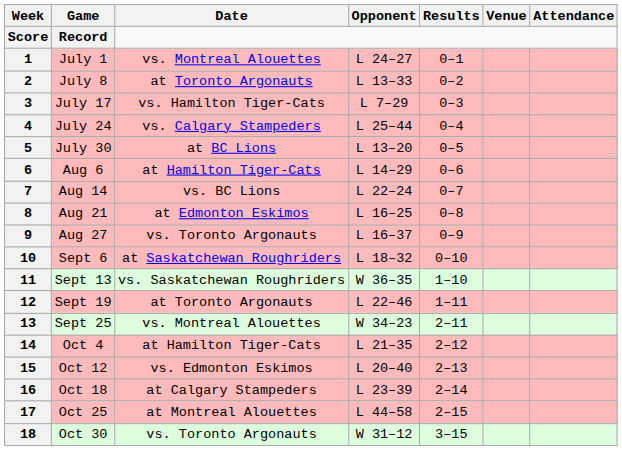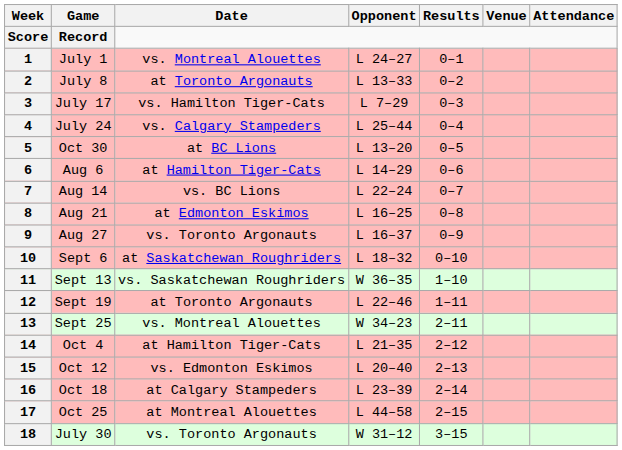 <table class="wikitable" style="text-align:center">
 <tr>
 <th>Week</th>
 <th>Game</th>
 <th>Date</th>
 <th>Opponent</th>
 <th>Results</th>
 <th>Venue</th>
 <th>Attendance</th>
 </tr>
 <tr>
 <th>Score</th>
 <th>Record</th>
 </tr>
 <tr style="background:#ffbbbb">
 <th>1</th>
 <td>July 1</td>
 <td>vs. <a href='#'>Montreal Alouettes</a></td>
 <td>L 24–27</td>
 <td>0–1</td>
 <td></td>
 <td></td>
 </tr>
 <tr style="background:#ffbbbb">
 <th>2</th>
 <td>July 8</td>
 <td>at <a href='#'>Toronto Argonauts</a></td>
 <td>L 13–33</td>
 <td>0–2</td>
 <td></td>
 <td></td>
 </tr>
 <tr style="background:#ffbbbb">
 <th>3</th>
 <td>July 17</td>
 <td>vs. Hamilton Tiger-Cats</td>
 <td>L 7–29</td>
 <td>0–3</td>
 <td></td>
 <td></td>
 </tr>
 <tr style="background:#ffbbbb">
 <th>4</th>
 <td>July 24</td>
 <td>vs. <a href='#'>Calgary Stampeders</a></td>
 <td>L 25–44</td>
 <td>0–4</td>
 <td></td>
 <td></td>
 </tr>
 <tr style="background:#ffbbbb">
 <th>5</th>
-<td>July 30</td>
+<td>Oct 30</td>
 <td>at <a href='#'>BC Lions</a></td>
 <td>L 13–20</td>
 <td>0–5</td>
 <td></td>
 <td></td>
 </tr>
 <tr style="background:#ffbbbb">
 <th>6</th>
 <td>Aug 6</td>
 <td>at <a href='#'>Hamilton Tiger-Cats</a></td>
 <td>L 14–29</td>
 <td>0–6</td>
 <td></td>
 <td></td>
 </tr>
 <tr style="background:#ffbbbb">
 <th>7</th>
 <td>Aug 14</td>
 <td>vs. BC Lions</td>
 <td>L 22–24</td>
 <td>0–7</td>
 <td></td>
 <td></td>
 </tr>
 <tr style="background:#ffbbbb">
 <th>8</th>
 <td>Aug 21</td>
 <td>at <a href='#'>Edmonton Eskimos</a></td>
 <td>L 16–25</td>
 <td>0–8</td>
 <td></td>
 <td></td>
 </tr>
 <tr style="background:#ffbbbb">
 <th>9</th>
 <td>Aug 27</td>
 <td>vs. Toronto Argonauts</td>
 <td>L 16–37</td>
 <td>0–9</td>
 <td></td>
 <td></td>
 </tr>
 <tr style="background:#ffbbbb">
 <th>10</th>
 <td>Sept 6</td>
 <td>at <a href='#'>Saskatchewan Roughriders</a></td>
 <td>L 18–32</td>
 <td>0–10</td>
 <td></td>
 <td></td>
 </tr>
 <tr style="background:#ddffdd">
 <th>11</th>
 <td>Sept 13</td>
 <td>vs. Saskatchewan Roughriders</td>
 <td>W 36–35</td>
 <td>1–10</td>
 <td></td>
 <td></td>
 </tr>
 <tr style="background:#ffbbbb">
 <th>12</th>
 <td>Sept 19</td>
 <td>at Toronto Argonauts</td>
 <td>L 22–46</td>
 <td>1–11</td>
 <td></td>
 <td></td>
 </tr>
 <tr align="center" bgcolor="#ddffdd">
 <th>13</th>
 <td>Sept 25</td>
 <td>vs. Montreal Alouettes</td>
 <td>W 34–23</td>
 <td>2–11</td>
 <td></td>
 <td></td>
 </tr>
 <tr style="background:#ffbbbb">
 <th>14</th>
 <td>Oct 4</td>
 <td>at Hamilton Tiger-Cats</td>
 <td>L 21–35</td>
 <td>2–12</td>
 <td></td>
 <td></td>
 </tr>
 <tr style="background:#ffbbbb">
 <th>15</th>
 <td>Oct 12</td>
 <td>vs. Edmonton Eskimos</td>
 <td>L 20–40</td>
 <td>2–13</td>
 <td></td>
 <td></td>
 </tr>
 <tr style="background:#ffbbbb">
 <th>16</th>
 <td>Oct 18</td>
 <td>at Calgary Stampeders</td>
 <td>L 23–39</td>
 <td>2–14</td>
 <td></td>
 <td></td>
 </tr>
 <tr style="background:#ffbbbb">
 <th>17</th>
 <td>Oct 25</td>
 <td>at Montreal Alouettes</td>
 <td>L 44–58</td>
 <td>2–15</td>
 <td></td>
 <td></td>
 </tr>
 <tr style="background:#ddffdd">
 <th>18</th>
-<td>Oct 30</td>
+<td>July 30</td>
 <td>vs. Toronto Argonauts</td>
 <td>W 31–12</td>
 <td>3–15</td>
 <td></td>
 <td></td>
 </tr>
 </table>
